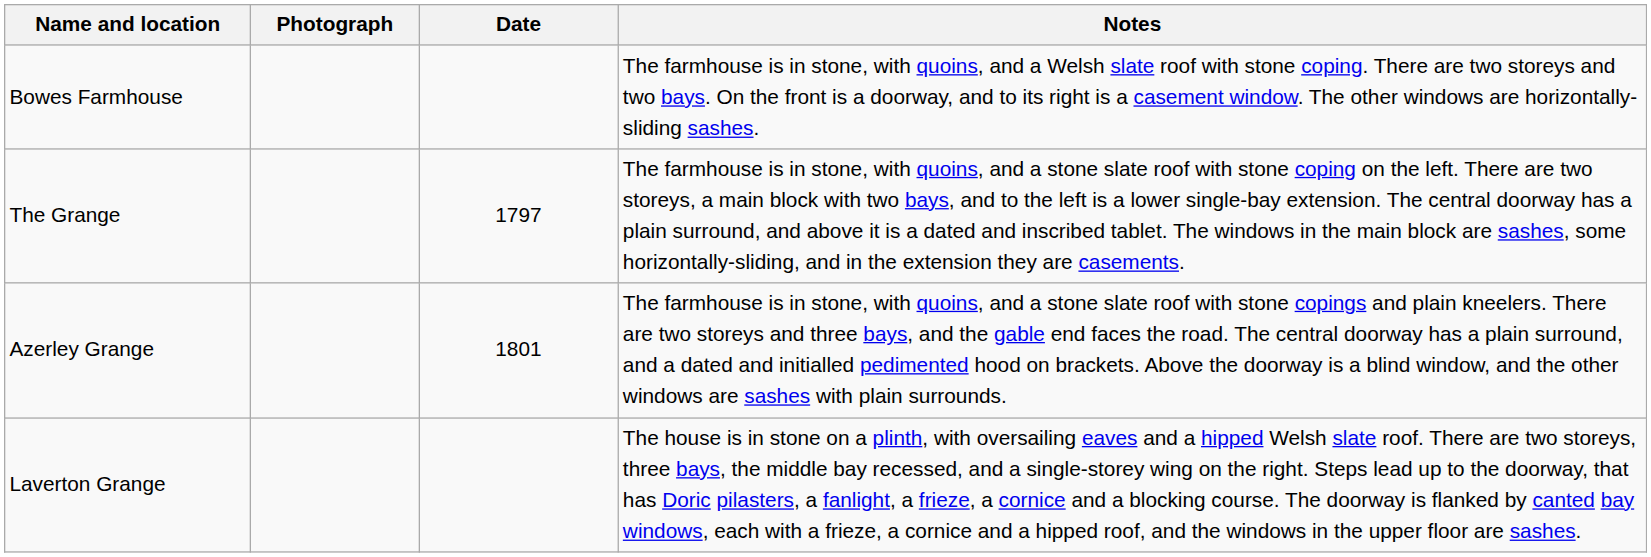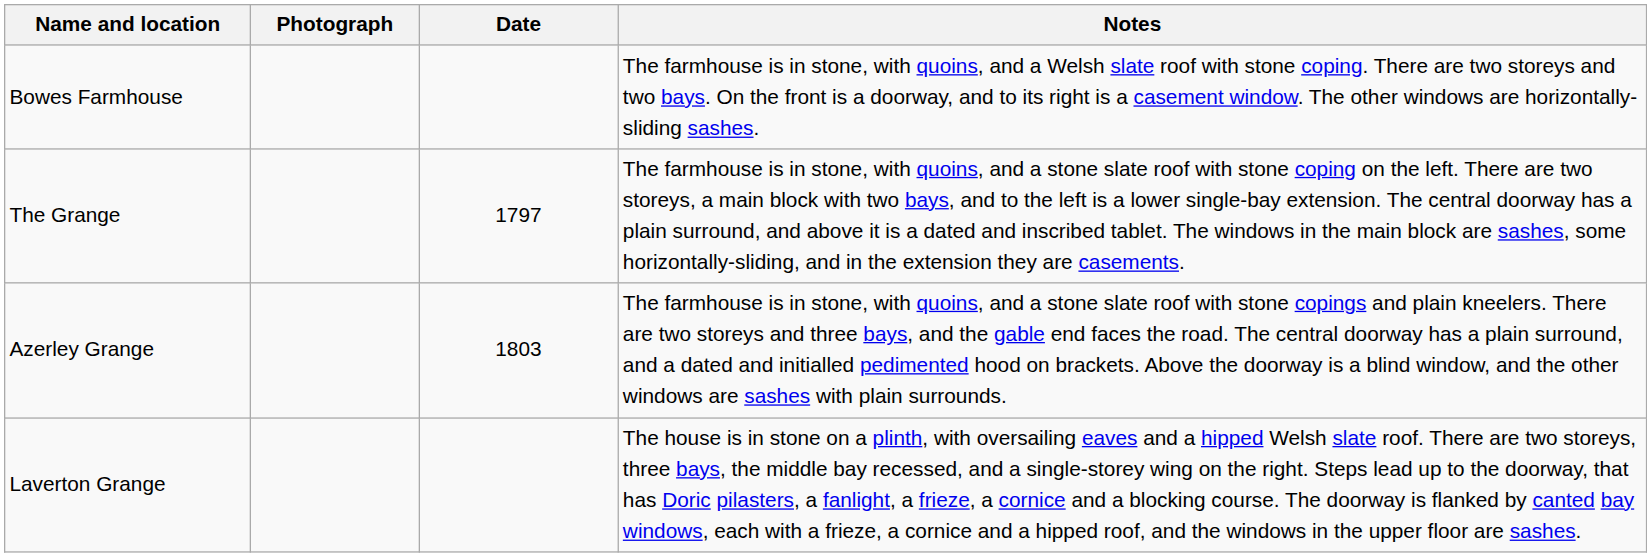 <table class="wikitable sortable plainrowheaders" style="width:100%;border:0px;text-align:left;line-height:150%;">
 <tr>
 <th scope="col"  style="width:150px">Name and location</th>
 <th scope="col"  style="width:100px" class="unsortable">Photograph</th>
 <th scope="col"  style="width:120px">Date</th>
 <th scope="col"  style="width:650px" class="unsortable">Notes</th>
 </tr>
 <tr>
 <td>Bowes Farmhouse<br><small></small></td>
 <td></td>
 <td align="center"></td>
 <td>The farmhouse is in stone, with <a href='#'>quoins</a>, and a Welsh <a href='#'>slate</a> roof with stone <a href='#'>coping</a>. There are two storeys and two <a href='#'>bays</a>. On the front is a doorway, and to its right is a <a href='#'>casement window</a>. The other windows are horizontally-sliding <a href='#'>sashes</a>.</td>
 </tr>
 <tr>
 <td>The Grange<br><small></small></td>
 <td></td>
 <td align="center">1797</td>
 <td>The farmhouse is in stone, with <a href='#'>quoins</a>, and a stone slate roof with stone <a href='#'>coping</a> on the left. There are two storeys, a main block with two <a href='#'>bays</a>, and to the left is a lower single-bay extension. The central doorway has a plain surround, and above it is a dated and inscribed tablet. The windows in the main block are <a href='#'>sashes</a>, some horizontally-sliding, and in the extension they are <a href='#'>casements</a>.</td>
 </tr>
 <tr>
 <td>Azerley Grange<br><small></small></td>
 <td></td>
-<td align="center">1801</td>
+<td align="center">1803</td>
 <td>The farmhouse is in stone, with <a href='#'>quoins</a>, and a stone slate roof with stone <a href='#'>copings</a> and plain kneelers. There are two storeys and three <a href='#'>bays</a>, and the <a href='#'>gable</a> end faces the road. The central doorway has a plain surround, and a dated and initialled <a href='#'>pedimented</a> hood on brackets. Above the doorway is a blind window, and the other windows are <a href='#'>sashes</a> with plain surrounds.</td>
 </tr>
 <tr>
 <td>Laverton Grange<br><small></small></td>
 <td></td>
 <td align="center"></td>
 <td>The house is in stone on a <a href='#'>plinth</a>, with oversailing <a href='#'>eaves</a> and a <a href='#'>hipped</a> Welsh <a href='#'>slate</a> roof. There are two storeys, three <a href='#'>bays</a>, the middle bay recessed, and a single-storey wing on the right. Steps lead up to the doorway, that has <a href='#'>Doric</a> <a href='#'>pilasters</a>, a <a href='#'>fanlight</a>, a <a href='#'>frieze</a>, a <a href='#'>cornice</a> and a blocking course. The doorway is flanked by <a href='#'>canted</a> <a href='#'>bay windows</a>, each with a frieze, a cornice and a hipped roof, and the windows in the upper floor are <a href='#'>sashes</a>.</td>
 </tr>
 <tr>
 </tr>
 </table>
